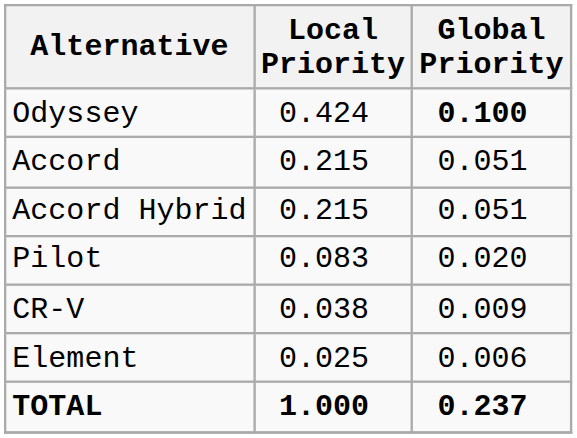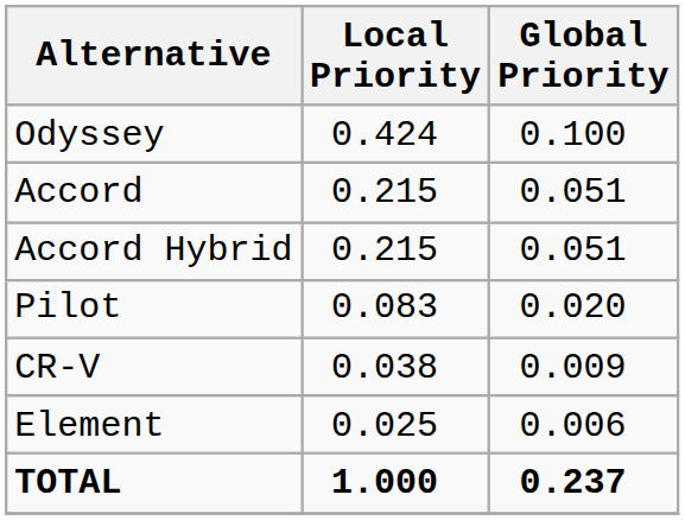 <table class="wikitable" | align="center">
 <tr>
 <th>Alternative</th>
 <th>Local<br>Priority</th>
 <th>Global<br>Priority</th>
 </tr>
 <tr>
 <td>Odyssey</td>
 <td> 0.424</td>
-<td><strong> 0.100</strong></td>
+<td> 0.100</td>
 </tr>
 <tr>
 <td>Accord</td>
 <td> 0.215</td>
 <td> 0.051</td>
 </tr>
 <tr>
 <td>Accord Hybrid</td>
 <td> 0.215</td>
 <td> 0.051</td>
 </tr>
 <tr>
 <td>Pilot</td>
 <td> 0.083</td>
 <td> 0.020</td>
 </tr>
 <tr>
 <td>CR-V</td>
 <td> 0.038</td>
 <td> 0.009</td>
 </tr>
 <tr>
 <td>Element</td>
 <td> 0.025</td>
 <td> 0.006</td>
 </tr>
 <tr>
 <td><strong>TOTAL</strong></td>
 <td><strong> 1.000</strong></td>
 <td><strong> 0.237</strong></td>
 </tr>
 <tr>
 </tr>
 </table>
